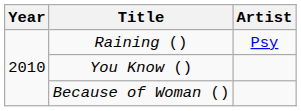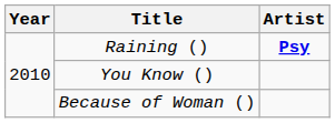 <table class="wikitable" style="text-align:center;">
 <tr>
 <th>Year</th>
 <th>Title</th>
 <th>Artist</th>
 </tr>
 <tr>
 <td rowspan=3>2010</td>
 <td><em>Raining</em> ()</td>
-<td><a href='#'>Psy</a></td>
+<td><strong><a href='#'>Psy</a></strong></td>
 </tr>
 <tr>
 <td><em>You Know</em> ()</td>
 <td></td>
 </tr>
 <tr>
 <td><em>Because of Woman</em> ()</td>
 <td></td>
 </tr>
 </table>
